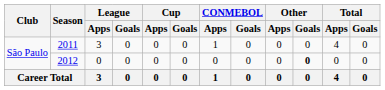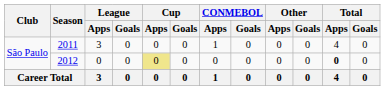 <table class="wikitable" style="text-align: center;">
 <tr>
 <th rowspan="2">Club</th>
 <th rowspan="2">Season</th>
 <th colspan="2">League</th>
 <th colspan="2">Cup</th>
 <th colspan="2"><a href='#'>CONMEBOL</a></th>
 <th colspan="2">Other</th>
 <th colspan="2">Total</th>
 </tr>
 <tr>
 <th>Apps</th>
 <th>Goals</th>
 <th>Apps</th>
 <th>Goals</th>
 <th>Apps</th>
 <th>Goals</th>
 <th>Apps</th>
 <th>Goals</th>
 <th>Apps</th>
 <th>Goals</th>
 </tr>
 <tr>
 <td rowspan="2"><a href='#'>São Paulo</a></td>
 <td><a href='#'>2011</a></td>
 <td>3</td>
 <td>0</td>
 <td>0</td>
 <td>0</td>
 <td>1</td>
 <td>0</td>
 <td>0</td>
 <td>0</td>
 <td>4</td>
 <td>0</td>
 </tr>
 <tr>
 <td><a href='#'>2012</a></td>
 <td>0</td>
 <td>0</td>
+<td style="background: khaki;">0</td>
 <td>0</td>
 <td>0</td>
 <td>0</td>
 <td>0</td>
 <td>0</td>
 <td><strong>0</strong></td>
-<td>0</td>
 <td>0</td>
 </tr>
 <tr>
 <th colspan="2">Career Total</th>
 <th>3</th>
 <th>0</th>
 <th>0</th>
 <th>0</th>
 <th>1</th>
 <th>0</th>
 <th>0</th>
 <th>0</th>
 <th>4</th>
 <th>0</th>
 </tr>
 </table>
